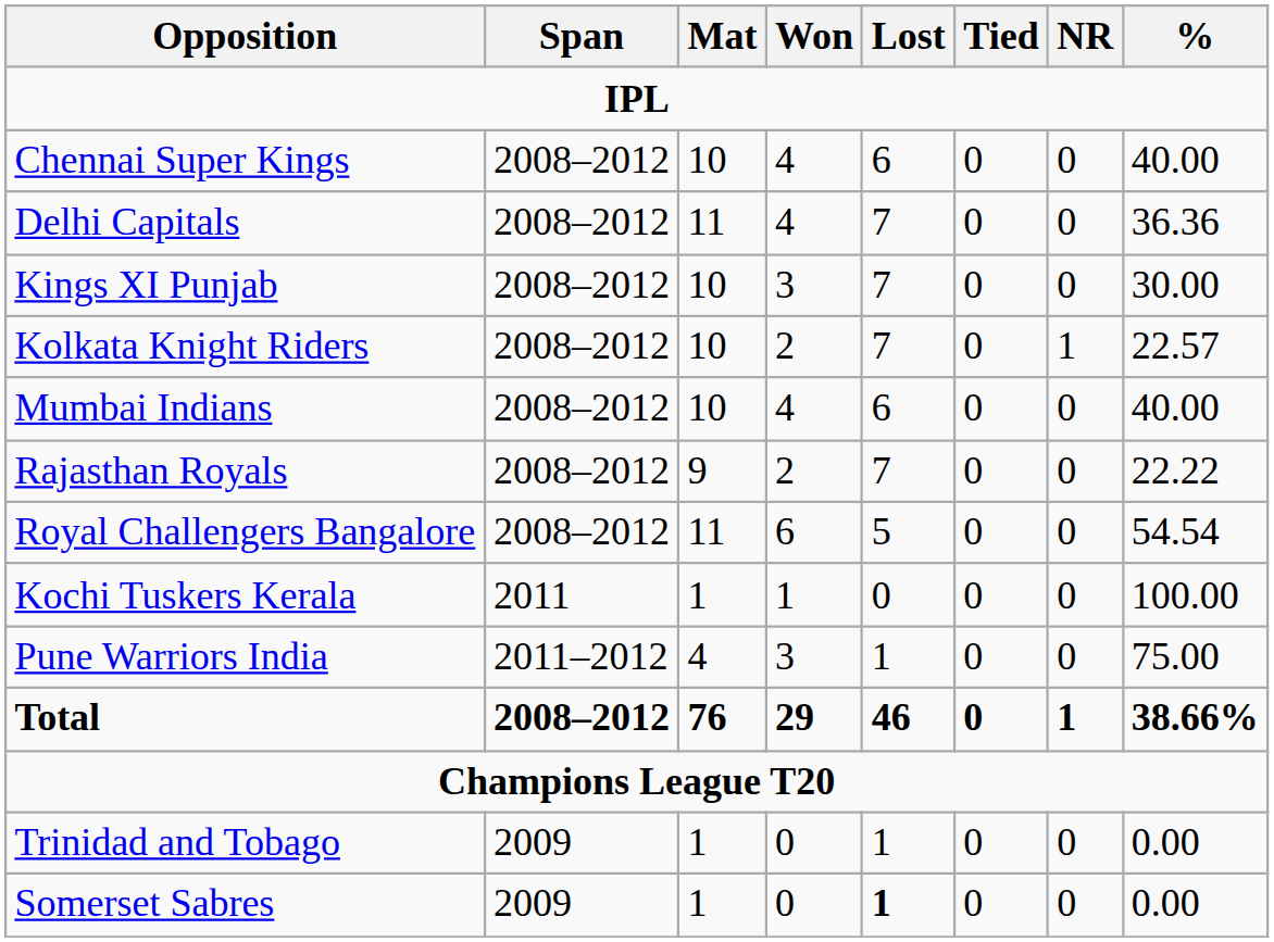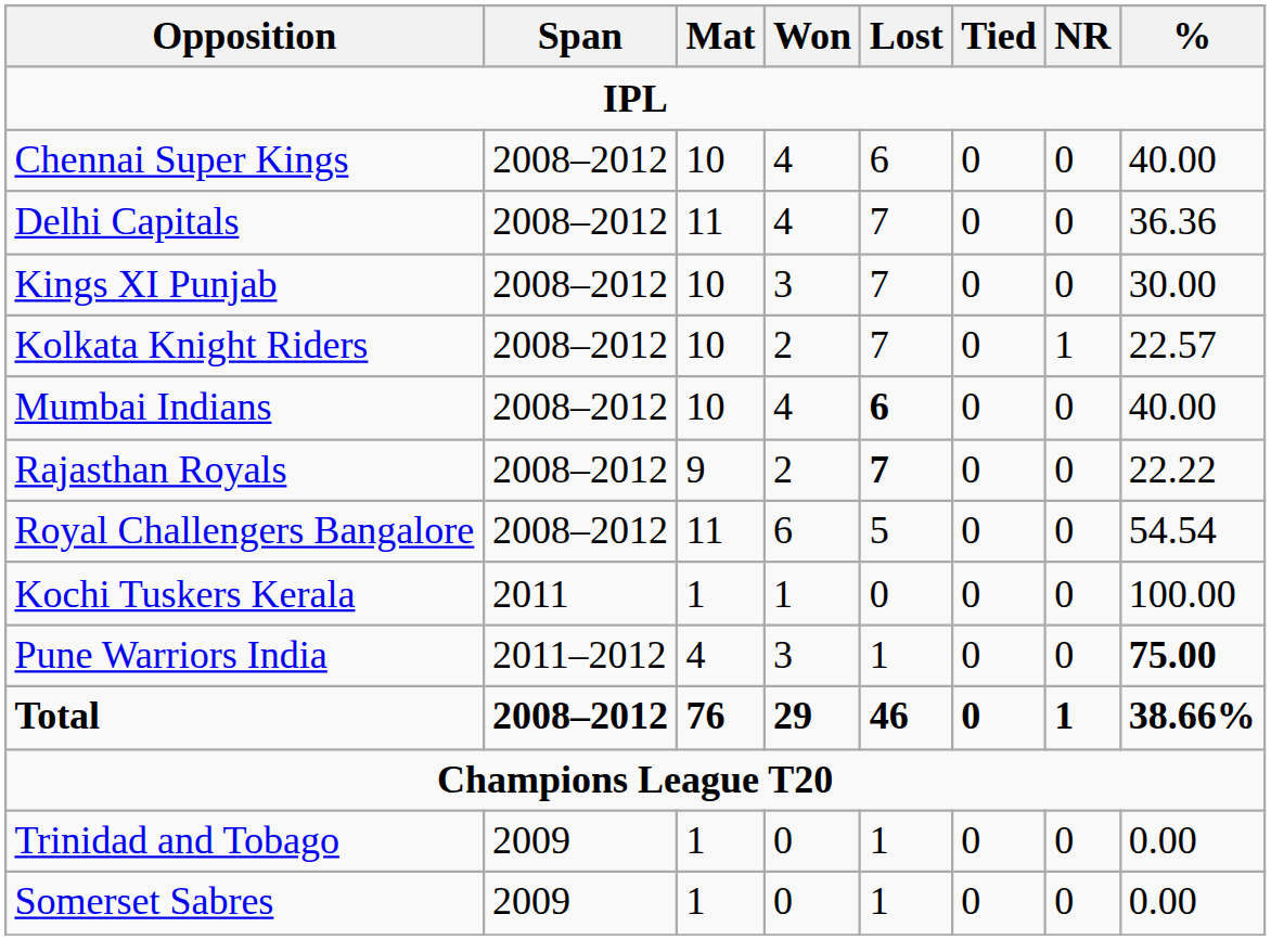 <table class="wikitable">
 <tr>
 <th>Opposition</th>
 <th>Span</th>
 <th>Mat</th>
 <th>Won</th>
 <th>Lost</th>
 <th>Tied</th>
 <th>NR</th>
 <th>%</th>
 </tr>
 <tr>
 <td colspan="8" style="text-align: center; "><strong>IPL</strong></td>
 </tr>
 <tr>
 <td><a href='#'>Chennai Super Kings</a></td>
 <td>2008–2012</td>
 <td>10</td>
 <td>4</td>
 <td>6</td>
 <td>0</td>
 <td>0</td>
 <td>40.00</td>
 </tr>
 <tr>
 <td><a href='#'>Delhi Capitals</a></td>
 <td>2008–2012</td>
 <td>11</td>
 <td>4</td>
 <td>7</td>
 <td>0</td>
 <td>0</td>
 <td>36.36</td>
 </tr>
 <tr>
 <td><a href='#'>Kings XI Punjab</a></td>
 <td>2008–2012</td>
 <td>10</td>
 <td>3</td>
 <td>7</td>
 <td>0</td>
 <td>0</td>
 <td>30.00</td>
 </tr>
 <tr>
 <td><a href='#'>Kolkata Knight Riders</a></td>
 <td>2008–2012</td>
 <td>10</td>
 <td>2</td>
 <td>7</td>
 <td>0</td>
 <td>1</td>
 <td>22.57</td>
 </tr>
 <tr>
 <td><a href='#'>Mumbai Indians</a></td>
 <td>2008–2012</td>
 <td>10</td>
 <td>4</td>
-<td>6</td>
+<td><strong>6</strong></td>
 <td>0</td>
 <td>0</td>
 <td>40.00</td>
 </tr>
 <tr>
 <td><a href='#'>Rajasthan Royals</a></td>
 <td>2008–2012</td>
 <td>9</td>
 <td>2</td>
-<td>7</td>
+<td><strong>7</strong></td>
 <td>0</td>
 <td>0</td>
 <td>22.22</td>
 </tr>
 <tr>
 <td><a href='#'>Royal Challengers Bangalore</a></td>
 <td>2008–2012</td>
 <td>11</td>
 <td>6</td>
 <td>5</td>
 <td>0</td>
 <td>0</td>
 <td>54.54</td>
 </tr>
 <tr>
 <td><a href='#'>Kochi Tuskers Kerala</a></td>
 <td>2011</td>
 <td>1</td>
 <td>1</td>
 <td>0</td>
 <td>0</td>
 <td>0</td>
 <td>100.00</td>
 </tr>
 <tr>
 <td><a href='#'>Pune Warriors India</a></td>
 <td>2011–2012</td>
 <td>4</td>
 <td>3</td>
 <td>1</td>
 <td>0</td>
 <td>0</td>
-<td>75.00</td>
+<td><strong>75.00</strong></td>
 </tr>
 <tr>
 <td><strong>Total</strong></td>
 <td><strong>2008–2012</strong></td>
 <td><strong>76</strong></td>
 <td><strong>29</strong></td>
 <td><strong>46</strong></td>
 <td><strong>0</strong></td>
 <td><strong>1</strong></td>
 <td><strong>38.66%</strong></td>
 </tr>
 <tr>
 <td colspan="8" style="text-align: center; "><strong>Champions League T20</strong></td>
 </tr>
 <tr>
 <td><a href='#'>Trinidad and Tobago</a></td>
 <td>2009</td>
 <td>1</td>
 <td>0</td>
 <td>1</td>
 <td>0</td>
 <td>0</td>
 <td>0.00</td>
 </tr>
 <tr>
 <td><a href='#'>Somerset Sabres</a></td>
 <td>2009</td>
 <td>1</td>
 <td>0</td>
-<td><strong>1</strong></td>
+<td>1</td>
 <td>0</td>
 <td>0</td>
 <td>0.00</td>
 </tr>
 </table>
